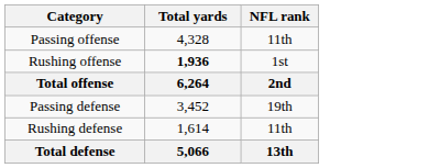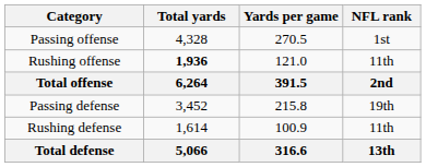 <table class="wikitable" style="text-align:center">
 <tr>
 <th width=150px>Category</th>
 <th width=100px>Total yards</th>
+<th width=110px>Yards per game</th>
 <th width=80px>NFL rank<br></th>
 </tr>
 <tr>
 <td>Passing offense</td>
 <td>4,328</td>
-<td>11th</td>
+<td>270.5</td>
+<td>1st</td>
 </tr>
 <tr>
 <td>Rushing offense</td>
 <td><strong>1,936</strong></td>
-<td>1st</td>
+<td>121.0</td>
+<td>11th</td>
 </tr>
 <tr>
 <th>Total offense</th>
 <th>6,264</th>
+<th>391.5</th>
 <th>2nd</th>
 </tr>
 <tr>
 <td>Passing defense</td>
 <td>3,452</td>
+<td>215.8</td>
 <td>19th</td>
 </tr>
 <tr>
 <td>Rushing defense</td>
 <td>1,614</td>
+<td>100.9</td>
 <td>11th</td>
 </tr>
 <tr>
 <th>Total defense</th>
 <th>5,066</th>
+<th>316.6</th>
 <th>13th</th>
 </tr>
 </table>
